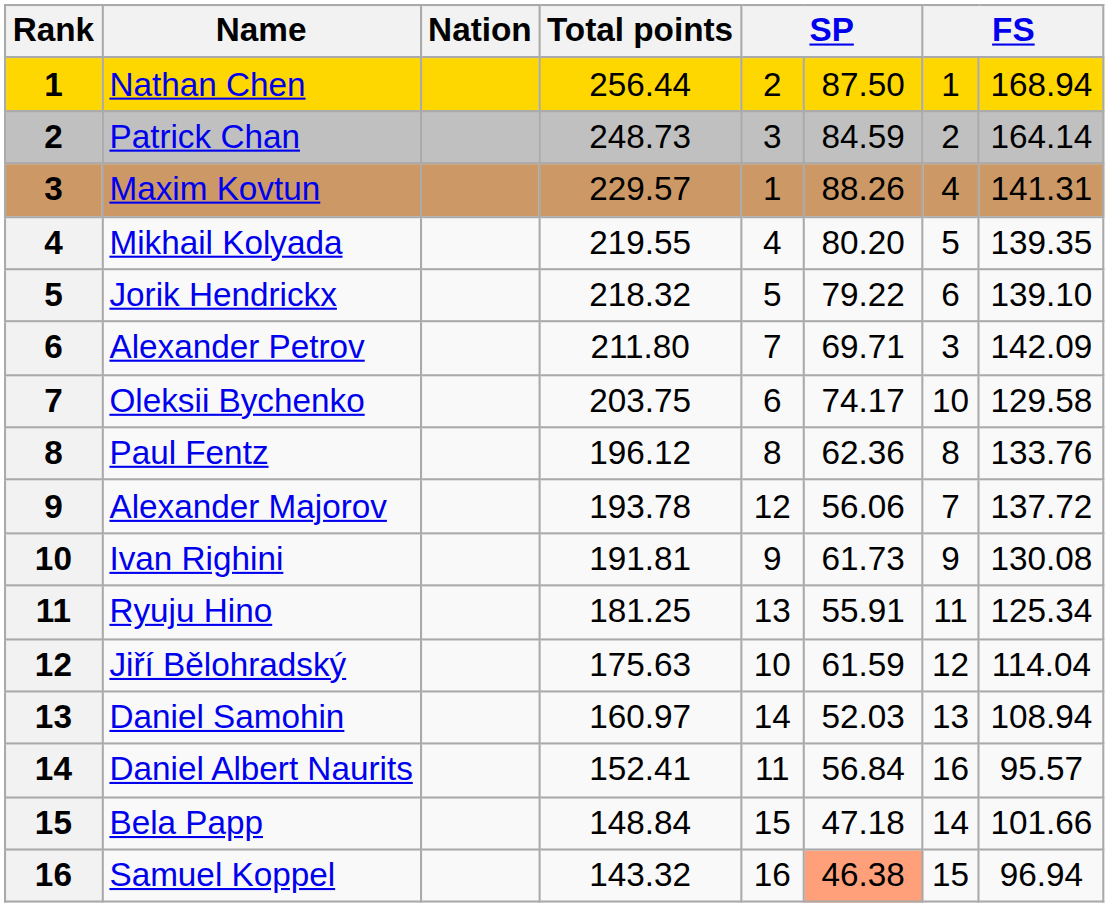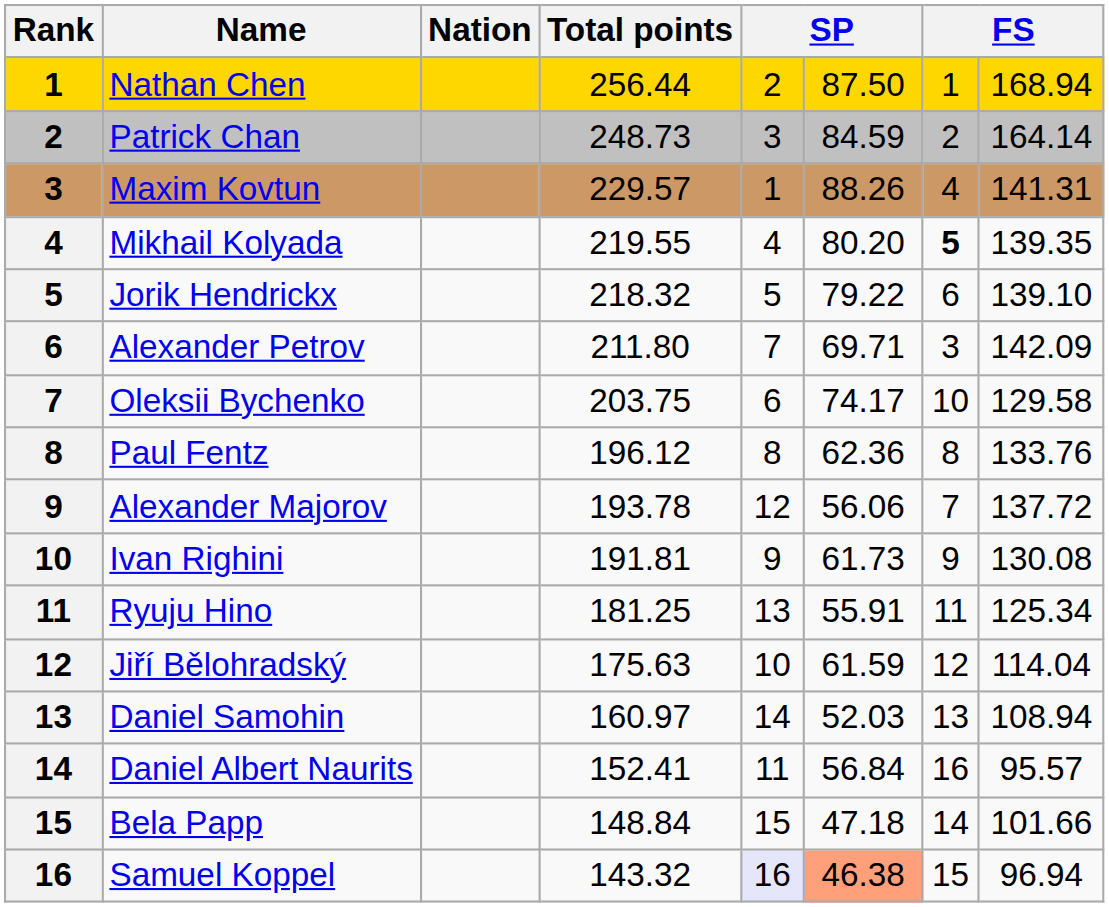 <table class="wikitable sortable">
 <tr>
 <th>Rank</th>
 <th>Name</th>
 <th>Nation</th>
 <th>Total points</th>
 <th colspan="2" width="80px"><a href='#'>SP</a></th>
 <th colspan="2" width="80px"><a href='#'>FS</a></th>
 </tr>
 <tr bgcolor="gold">
 <td align="center"><strong>1</strong></td>
 <td><a href='#'>Nathan Chen</a></td>
 <td></td>
 <td align="center">256.44</td>
 <td align="center">2</td>
 <td align="center">87.50</td>
 <td align="center">1</td>
 <td align="center">168.94</td>
 </tr>
 <tr bgcolor="silver">
 <td align="center"><strong>2</strong></td>
 <td><a href='#'>Patrick Chan</a></td>
 <td></td>
 <td align="center">248.73</td>
 <td align="center">3</td>
 <td align="center">84.59</td>
 <td align="center">2</td>
 <td align="center">164.14</td>
 </tr>
 <tr bgcolor="cc9966">
 <td align="center"><strong>3</strong></td>
 <td><a href='#'>Maxim Kovtun</a></td>
 <td></td>
 <td align="center">229.57</td>
 <td align="center">1</td>
 <td align="center">88.26</td>
 <td align="center">4</td>
 <td align="center">141.31</td>
 </tr>
 <tr>
 <th>4</th>
 <td><a href='#'>Mikhail Kolyada</a></td>
 <td></td>
 <td align="center">219.55</td>
 <td align="center">4</td>
 <td align="center">80.20</td>
-<td align="center">5</td>
+<td align="center"><strong>5</strong></td>
 <td align="center">139.35</td>
 </tr>
 <tr>
 <th>5</th>
 <td><a href='#'>Jorik Hendrickx</a></td>
 <td></td>
 <td align="center">218.32</td>
 <td align="center">5</td>
 <td align="center">79.22</td>
 <td align="center">6</td>
 <td align="center">139.10</td>
 </tr>
 <tr>
 <th>6</th>
 <td><a href='#'>Alexander Petrov</a></td>
 <td></td>
 <td align="center">211.80</td>
 <td align="center">7</td>
 <td align="center">69.71</td>
 <td align="center">3</td>
 <td align="center">142.09</td>
 </tr>
 <tr>
 <th>7</th>
 <td><a href='#'>Oleksii Bychenko</a></td>
 <td></td>
 <td align="center">203.75</td>
 <td align="center">6</td>
 <td align="center">74.17</td>
 <td align="center">10</td>
 <td align="center">129.58</td>
 </tr>
 <tr>
 <th>8</th>
 <td><a href='#'>Paul Fentz</a></td>
 <td></td>
 <td align="center">196.12</td>
 <td align="center">8</td>
 <td align="center">62.36</td>
 <td align="center">8</td>
 <td align="center">133.76</td>
 </tr>
 <tr>
 <th>9</th>
 <td><a href='#'>Alexander Majorov</a></td>
 <td></td>
 <td align="center">193.78</td>
 <td align="center">12</td>
 <td align="center">56.06</td>
 <td align="center">7</td>
 <td align="center">137.72</td>
 </tr>
 <tr>
 <th>10</th>
 <td><a href='#'>Ivan Righini</a></td>
 <td></td>
 <td align="center">191.81</td>
 <td align="center">9</td>
 <td align="center">61.73</td>
 <td align="center">9</td>
 <td align="center">130.08</td>
 </tr>
 <tr>
 <th>11</th>
 <td><a href='#'>Ryuju Hino</a></td>
 <td></td>
 <td align="center">181.25</td>
 <td align="center">13</td>
 <td align="center">55.91</td>
 <td align="center">11</td>
 <td align="center">125.34</td>
 </tr>
 <tr>
 <th>12</th>
 <td><a href='#'>Jiří Bělohradský</a></td>
 <td></td>
 <td align="center">175.63</td>
 <td align="center">10</td>
 <td align="center">61.59</td>
 <td align="center">12</td>
 <td align="center">114.04</td>
 </tr>
 <tr>
 <th>13</th>
 <td><a href='#'>Daniel Samohin</a></td>
 <td></td>
 <td align="center">160.97</td>
 <td align="center">14</td>
 <td align="center">52.03</td>
 <td align="center">13</td>
 <td align="center">108.94</td>
 </tr>
 <tr>
 <th>14</th>
 <td><a href='#'>Daniel Albert Naurits</a></td>
 <td></td>
 <td align="center">152.41</td>
 <td align="center">11</td>
 <td align="center">56.84</td>
 <td align="center">16</td>
 <td align="center">95.57</td>
 </tr>
 <tr>
 <th>15</th>
 <td><a href='#'>Bela Papp</a></td>
 <td></td>
 <td align="center">148.84</td>
 <td align="center">15</td>
 <td align="center">47.18</td>
 <td align="center">14</td>
 <td align="center">101.66</td>
 </tr>
 <tr>
 <th>16</th>
 <td><a href='#'>Samuel Koppel</a></td>
 <td></td>
 <td align="center">143.32</td>
-<td align="center">16</td>
+<td align="center" style="background: lavender;">16</td>
 <td align="center" style="background: lightsalmon;">46.38</td>
 <td align="center">15</td>
 <td align="center">96.94</td>
 </tr>
 </table>
